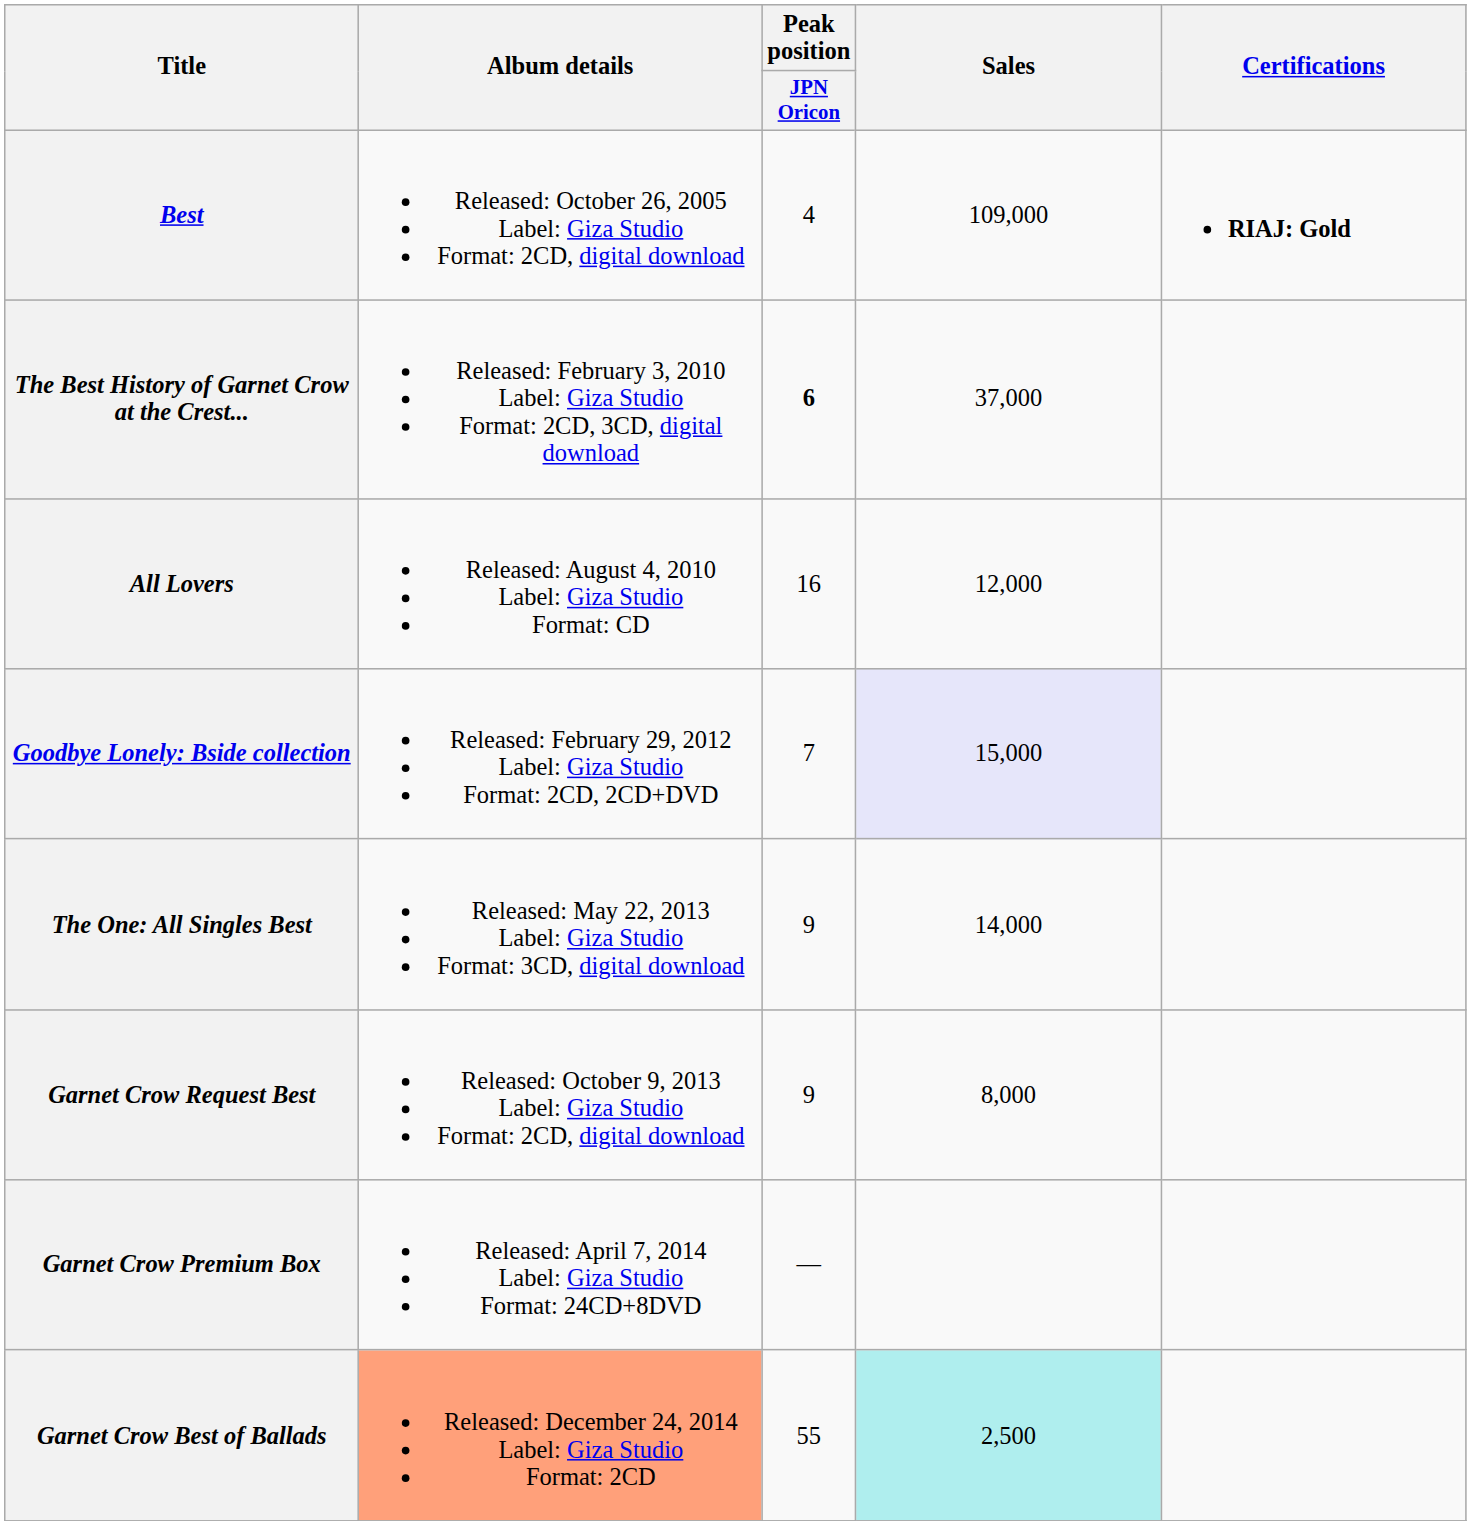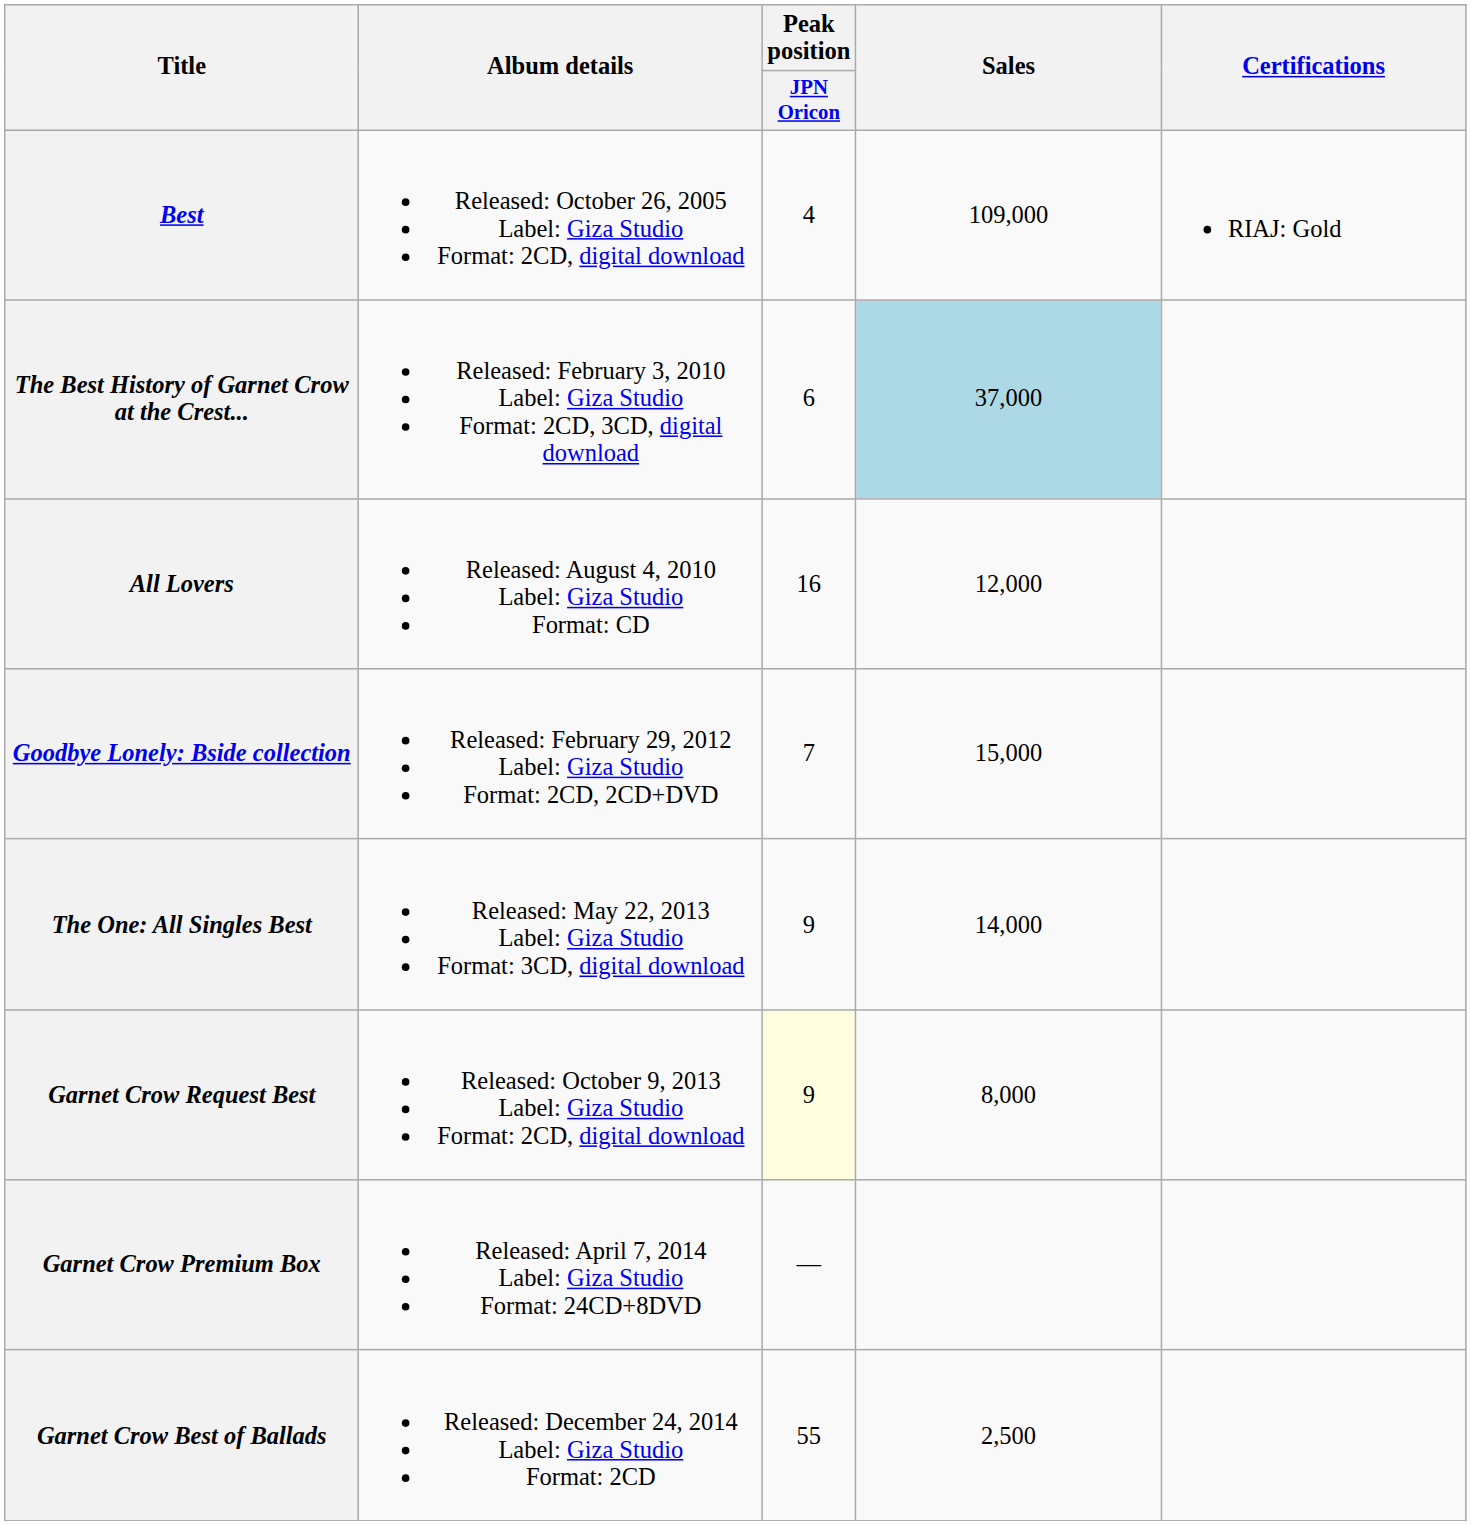 <table class="wikitable plainrowheaders" style="text-align:center;">
 <tr>
 <th style="width:14em;" rowspan="2">Title</th>
 <th style="width:16em;" rowspan="2">Album details</th>
 <th colspan="1">Peak position</th>
 <th style="width:12em;" rowspan="2">Sales</th>
 <th style="width:12em;" rowspan="2"><a href='#'>Certifications</a></th>
 </tr>
 <tr>
 <th style="width:3em;font-size:85%"><a href='#'>JPN<br>Oricon</a></th>
 </tr>
 <tr>
 <th scope="row"><em><a href='#'>Best</a></em></th>
 <td><br><ul><li>Released: October 26, 2005</li><li>Label: <a href='#'>Giza Studio</a></li><li>Format: 2CD, <a href='#'>digital download</a></li></ul></td>
 <td>4</td>
 <td>109,000 </td>
-<td align="left"><strong><br><ul><li>RIAJ: Gold</li></ul></strong></td>
+<td align="left"><br><ul><li>RIAJ: Gold</li></ul></td>
 </tr>
 <tr>
 <th scope="row"><em>The Best History of Garnet Crow at the Crest...</em></th>
 <td><br><ul><li>Released: February 3, 2010</li><li>Label: <a href='#'>Giza Studio</a></li><li>Format: 2CD, 3CD, <a href='#'>digital download</a></li></ul></td>
-<td><strong>6</strong></td>
-<td>37,000 </td>
+<td>6</td>
+<td style="background: lightblue;">37,000 </td>
 <td align="left"></td>
 </tr>
 <tr>
 <th scope="row"><em>All Lovers</em></th>
 <td><br><ul><li>Released: August 4, 2010</li><li>Label: <a href='#'>Giza Studio</a></li><li>Format: CD</li></ul></td>
 <td>16</td>
 <td>12,000 </td>
 <td align="left"></td>
 </tr>
 <tr>
 <th scope="row"><em><a href='#'>Goodbye Lonely: Bside collection</a></em></th>
 <td><br><ul><li>Released: February 29, 2012</li><li>Label: <a href='#'>Giza Studio</a></li><li>Format: 2CD, 2CD+DVD</li></ul></td>
 <td>7</td>
-<td style="background: lavender;">15,000 </td>
+<td>15,000 </td>
 <td align="left"></td>
 </tr>
 <tr>
 <th scope="row"><em>The One: All Singles Best</em></th>
 <td><br><ul><li>Released: May 22, 2013</li><li>Label: <a href='#'>Giza Studio</a></li><li>Format: 3CD, <a href='#'>digital download</a></li></ul></td>
 <td>9</td>
 <td>14,000 </td>
 <td align="left"></td>
 </tr>
 <tr>
 <th scope="row"><em>Garnet Crow Request Best</em></th>
 <td><br><ul><li>Released: October 9, 2013</li><li>Label: <a href='#'>Giza Studio</a></li><li>Format: 2CD, <a href='#'>digital download</a></li></ul></td>
-<td>9</td>
+<td style="background: lightyellow;">9</td>
 <td>8,000 </td>
 <td align="left"></td>
 </tr>
 <tr>
 <th scope="row"><em>Garnet Crow Premium Box</em></th>
 <td><br><ul><li>Released: April 7, 2014</li><li>Label: <a href='#'>Giza Studio</a></li><li>Format: 24CD+8DVD</li></ul></td>
 <td>—</td>
 <td></td>
 <td align="left"></td>
 </tr>
 <tr>
 <th scope="row"><em>Garnet Crow Best of Ballads</em></th>
-<td style="background: lightsalmon;"><br><ul><li>Released: December 24, 2014</li><li>Label: <a href='#'>Giza Studio</a></li><li>Format: 2CD</li></ul></td>
+<td><br><ul><li>Released: December 24, 2014</li><li>Label: <a href='#'>Giza Studio</a></li><li>Format: 2CD</li></ul></td>
 <td>55</td>
-<td style="background: paleturquoise;">2,500</td>
+<td>2,500</td>
 <td align="left"></td>
 </tr>
 <tr>
 </tr>
 </table>
